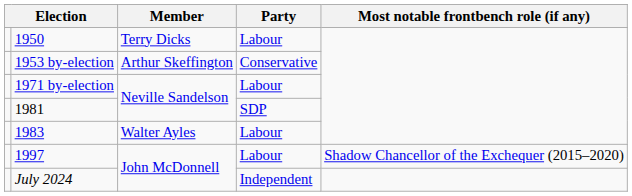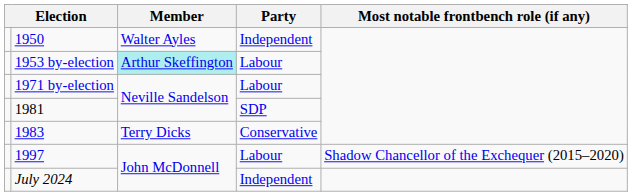 <table class="wikitable">
 <tr>
 <th colspan="2">Election</th>
 <th>Member</th>
 <th>Party</th>
 <th>Most notable frontbench role (if any)</th>
 </tr>
 <tr>
 <td style="color:inherit;background-color: "></td>
 <td><a href='#'>1950</a></td>
-<td><a href='#'>Terry Dicks</a></td>
-<td><a href='#'>Labour</a></td>
+<td><a href='#'>Walter Ayles</a></td>
+<td><a href='#'>Independent</a></td>
 </tr>
 <tr>
 <td style="color:inherit;background-color: "></td>
 <td><a href='#'>1953 by-election</a></td>
-<td><a href='#'>Arthur Skeffington</a></td>
-<td><a href='#'>Conservative</a></td>
+<td style="background: paleturquoise;"><a href='#'>Arthur Skeffington</a></td>
+<td><a href='#'>Labour</a></td>
 </tr>
 <tr>
 <td style="color:inherit;background-color: "></td>
 <td><a href='#'>1971 by-election</a></td>
 <td rowspan="2"><a href='#'>Neville Sandelson</a></td>
 <td><a href='#'>Labour</a></td>
 </tr>
 <tr>
 <td style="color:inherit;background-color: "></td>
 <td>1981</td>
 <td><a href='#'>SDP</a></td>
 </tr>
 <tr>
 <td style="color:inherit;background-color: "></td>
 <td><a href='#'>1983</a></td>
-<td><a href='#'>Walter Ayles</a></td>
-<td><a href='#'>Labour</a></td>
+<td><a href='#'>Terry Dicks</a></td>
+<td><a href='#'>Conservative</a></td>
 </tr>
 <tr>
 <td style="color:inherit;background-color: "></td>
 <td><a href='#'>1997</a></td>
 <td rowspan="2"><a href='#'>John McDonnell</a></td>
 <td><a href='#'>Labour</a></td>
 <td><a href='#'>Shadow Chancellor of the Exchequer</a> (2015–2020)</td>
 </tr>
 <tr>
 <td style="color:inherit;background-color: "></td>
 <td><em>July 2024</em></td>
 <td><a href='#'>Independent</a></td>
 </tr>
 </table>
